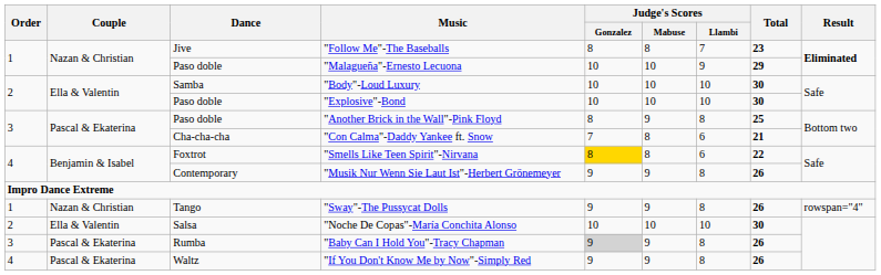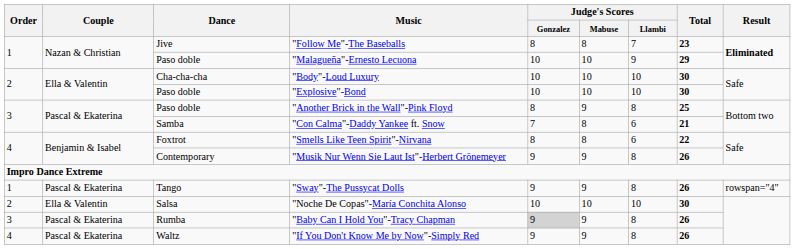 <table class="wikitable sortable center">
 <tr>
 <th rowspan="2" style="width: 4em">Order</th>
 <th rowspan="2" style="width: 17em">Couple</th>
 <th rowspan="2" style="width: 20em">Dance</th>
 <th rowspan="2" style="width: 40em">Music</th>
 <th colspan="3">Judge's Scores</th>
 <th rowspan="2" style="width: 6em">Total</th>
 <th rowspan="2" style="width: 7em">Result</th>
 </tr>
 <tr>
 <th style="width: 6em"><small>Gonzalez</small></th>
 <th style="width: 6em"><small>Mabuse</small></th>
 <th style="width: 6em"><small>Llambi</small></th>
 </tr>
 <tr>
 <td rowspan="2">1</td>
 <td rowspan="2">Nazan & Christian</td>
 <td>Jive</td>
 <td>"<a href='#'>Follow Me</a>"-<a href='#'>The Baseballs</a></td>
 <td>8</td>
 <td>8</td>
 <td>7</td>
 <td><strong>23</strong></td>
 <td rowspan="2"><strong>Eliminated</strong></td>
 </tr>
 <tr>
 <td>Paso doble</td>
 <td>"<a href='#'>Malagueña</a>"-<a href='#'>Ernesto Lecuona</a></td>
 <td>10</td>
 <td>10</td>
 <td>9</td>
 <td><strong>29</strong></td>
 </tr>
 <tr>
 <td rowspan="2">2</td>
 <td rowspan="2">Ella & Valentin</td>
-<td>Samba</td>
+<td>Cha-cha-cha</td>
 <td>"<a href='#'>Body</a>"-<a href='#'>Loud Luxury</a></td>
 <td>10</td>
 <td>10</td>
 <td>10</td>
 <td><strong>30</strong></td>
 <td rowspan="2">Safe</td>
 </tr>
 <tr>
 <td>Paso doble</td>
 <td>"<a href='#'>Explosive</a>"-<a href='#'>Bond</a></td>
 <td>10</td>
 <td>10</td>
 <td>10</td>
 <td><strong>30</strong></td>
 </tr>
 <tr>
 <td rowspan="2">3</td>
 <td rowspan="2">Pascal & Ekaterina</td>
 <td>Paso doble</td>
 <td>"<a href='#'>Another Brick in the Wall</a>"-<a href='#'>Pink Floyd</a></td>
 <td>8</td>
 <td>9</td>
 <td>8</td>
 <td><strong>25</strong></td>
 <td rowspan="2">Bottom two</td>
 </tr>
 <tr>
-<td>Cha-cha-cha</td>
+<td>Samba</td>
 <td>"<a href='#'>Con Calma</a>"-<a href='#'>Daddy Yankee</a> ft. <a href='#'>Snow</a></td>
 <td>7</td>
 <td>8</td>
 <td>6</td>
 <td><strong>21</strong></td>
 </tr>
 <tr>
 <td rowspan="2">4</td>
 <td rowspan="2">Benjamin & Isabel</td>
 <td>Foxtrot</td>
 <td>"<a href='#'>Smells Like Teen Spirit</a>"-<a href='#'>Nirvana</a></td>
-<td style="background: gold;">8</td>
+<td>8</td>
 <td>8</td>
 <td>6</td>
 <td><strong>22</strong></td>
 <td rowspan="2">Safe</td>
 </tr>
 <tr>
 <td>Contemporary</td>
 <td>"<a href='#'>Musik Nur Wenn Sie Laut Ist</a>"-<a href='#'>Herbert Grönemeyer</a></td>
 <td>9</td>
 <td>9</td>
 <td>8</td>
 <td><strong>26</strong></td>
 </tr>
 <tr>
 <td colspan="9"><strong>Impro Dance Extreme</strong></td>
 </tr>
 <tr>
 <td>1</td>
-<td>Nazan & Christian</td>
+<td>Pascal & Ekaterina</td>
 <td>Tango</td>
 <td>"<a href='#'>Sway</a>"-<a href='#'>The Pussycat Dolls</a></td>
 <td>9</td>
 <td>9</td>
 <td>8</td>
 <td><strong>26</strong></td>
 <td>rowspan="4" </td>
 </tr>
 <tr>
 <td>2</td>
 <td>Ella & Valentin</td>
 <td>Salsa</td>
 <td>"Noche De Copas"-<a href='#'>María Conchita Alonso</a></td>
 <td>10</td>
 <td>10</td>
 <td>10</td>
 <td><strong>30</strong></td>
 </tr>
 <tr>
 <td>3</td>
 <td>Pascal & Ekaterina</td>
 <td>Rumba</td>
 <td>"<a href='#'>Baby Can I Hold You</a>"-<a href='#'>Tracy Chapman</a></td>
 <td style="background: lightgrey;">9</td>
 <td>9</td>
 <td>8</td>
 <td><strong>26</strong></td>
 </tr>
 <tr>
 <td>4</td>
 <td>Pascal & Ekaterina</td>
 <td>Waltz</td>
 <td>"<a href='#'>If You Don't Know Me by Now</a>"-<a href='#'>Simply Red</a></td>
 <td>9</td>
 <td>9</td>
 <td>8</td>
 <td><strong>26</strong></td>
 </tr>
 </table>
